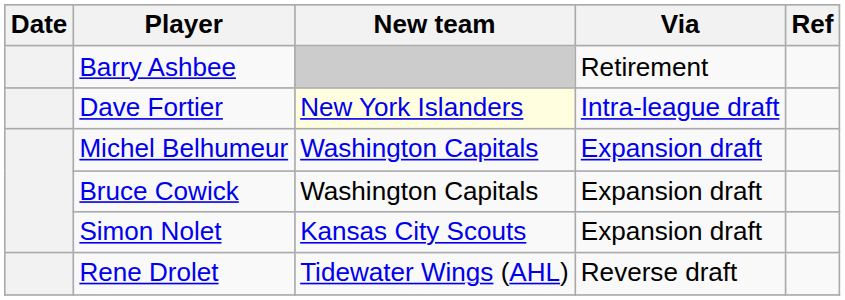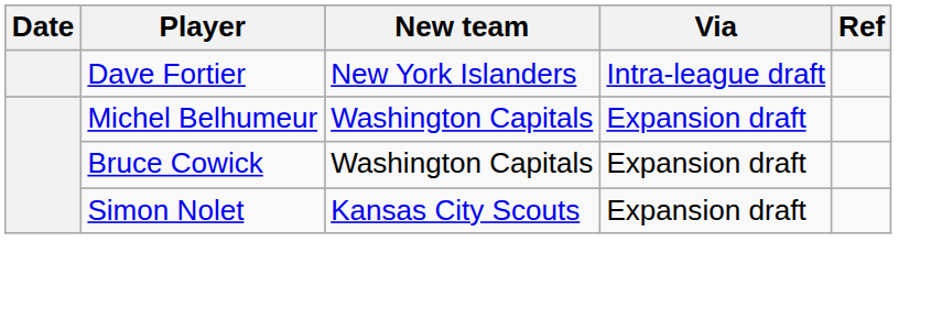 <table class="wikitable plainrowheaders">
 <tr style="background:#ddd; text-align:center;">
 <th>Date</th>
 <th>Player</th>
 <th>New team</th>
 <th>Via</th>
 <th>Ref</th>
 </tr>
 <tr>
 <th scope="row"></th>
-<td><a href='#'>Barry Ashbee</a></td>
-<td style="background:#ccc"></td>
-<td>Retirement</td>
-<td></td>
-</tr>
-<tr>
-<th scope="row"></th>
 <td><a href='#'>Dave Fortier</a></td>
-<td style="background: lightyellow;"><a href='#'>New York Islanders</a></td>
+<td><a href='#'>New York Islanders</a></td>
 <td><a href='#'>Intra-league draft</a></td>
 <td></td>
 </tr>
 <tr>
 <th scope="row" rowspan="3"></th>
 <td><a href='#'>Michel Belhumeur</a></td>
 <td><a href='#'>Washington Capitals</a></td>
 <td><a href='#'>Expansion draft</a></td>
 <td></td>
 </tr>
 <tr>
 <td><a href='#'>Bruce Cowick</a></td>
 <td>Washington Capitals</td>
 <td>Expansion draft</td>
 <td></td>
 </tr>
 <tr>
 <td><a href='#'>Simon Nolet</a></td>
 <td><a href='#'>Kansas City Scouts</a></td>
 <td>Expansion draft</td>
 <td></td>
 </tr>
-<tr>
-<th scope="row"></th>
-<td><a href='#'>Rene Drolet</a></td>
-<td><a href='#'>Tidewater Wings</a> (<a href='#'>AHL</a>)</td>
-<td>Reverse draft</td>
-<td></td>
-</tr>
 </table>
